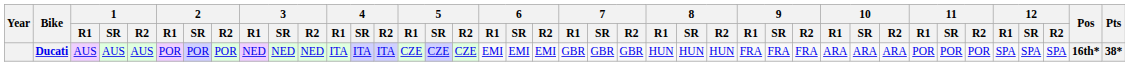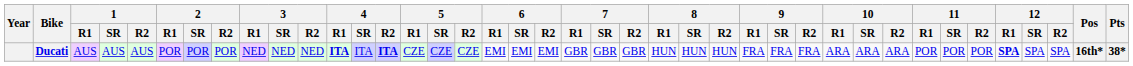 <table class="wikitable" style="text-align:center; font-size:90%;">
 <tr>
 <th rowspan="2">Year</th>
 <th rowspan="2">Bike</th>
 <th colspan="3">1</th>
 <th colspan="3">2</th>
 <th colspan="3">3</th>
 <th colspan="3">4</th>
 <th colspan="3">5</th>
 <th colspan="3">6</th>
 <th colspan="3">7</th>
 <th colspan="3">8</th>
 <th colspan="3">9</th>
 <th colspan="3">10</th>
 <th colspan="3">11</th>
 <th colspan="3">12</th>
 <th rowspan="2">Pos</th>
 <th rowspan="2">Pts</th>
 </tr>
 <tr>
 <th>R1</th>
 <th>SR</th>
 <th>R2</th>
 <th>R1</th>
 <th>SR</th>
 <th>R2</th>
 <th>R1</th>
 <th>SR</th>
 <th>R2</th>
 <th>R1</th>
 <th>SR</th>
 <th>R2</th>
 <th>R1</th>
 <th>SR</th>
 <th>R2</th>
 <th>R1</th>
 <th>SR</th>
 <th>R2</th>
 <th>R1</th>
 <th>SR</th>
 <th>R2</th>
 <th>R1</th>
 <th>SR</th>
 <th>R2</th>
 <th>R1</th>
 <th>SR</th>
 <th>R2</th>
 <th>R1</th>
 <th>SR</th>
 <th>R2</th>
 <th>R1</th>
 <th>SR</th>
 <th>R2</th>
 <th>R1</th>
 <th>SR</th>
 <th>R2</th>
 </tr>
 <tr>
 <th></th>
 <th><a href='#'>Ducati</a></th>
 <td style="background:#EFCFFF;"><a href='#'>AUS</a><br></td>
 <td style="background:#DFFFDF;"><a href='#'>AUS</a><br></td>
 <td style="background:#DFFFDF;"><a href='#'>AUS</a><br></td>
 <td style="background:#EFCFFF;"><a href='#'>POR</a><br></td>
 <td style="background:#CFCFFF;"><a href='#'>POR</a><br></td>
 <td style="background:#DFFFDF;"><a href='#'>POR</a><br></td>
 <td style="background:#EFCFFF;"><a href='#'>NED</a><br></td>
 <td style="background:#DFFFDF;"><a href='#'>NED</a><br></td>
 <td style="background:#DFFFDF;"><a href='#'>NED</a><br></td>
-<td style="background:#DFFFDF;"><a href='#'>ITA</a><br></td>
+<td style="background:#DFFFDF;"><strong><a href='#'>ITA</a><br></strong></td>
 <td style="background:#CFCFFF;"><a href='#'>ITA</a><br></td>
-<td style="background:#CFCFFF;"><a href='#'>ITA</a><br></td>
+<td style="background:#CFCFFF;"><strong><a href='#'>ITA</a><br></strong></td>
 <td style="background:#DFFFDF;"><a href='#'>CZE</a><br></td>
 <td style="background:#CFCFFF;"><a href='#'>CZE</a><br></td>
 <td style="background:#DFFFDF;"><a href='#'>CZE</a><br></td>
 <td style="background:#;"><a href='#'>EMI</a><br></td>
 <td style="background:#;"><a href='#'>EMI</a><br></td>
 <td style="background:#;"><a href='#'>EMI</a><br></td>
 <td style="background:#;"><a href='#'>GBR</a><br></td>
 <td style="background:#;"><a href='#'>GBR</a><br></td>
 <td style="background:#;"><a href='#'>GBR</a><br></td>
 <td style="background:#;"><a href='#'>HUN</a><br></td>
 <td style="background:#;"><a href='#'>HUN</a><br></td>
 <td style="background:#;"><a href='#'>HUN</a><br></td>
 <td style="background:#;"><a href='#'>FRA</a><br></td>
 <td style="background:#;"><a href='#'>FRA</a><br></td>
 <td style="background:#;"><a href='#'>FRA</a><br></td>
 <td style="background:#;"><a href='#'>ARA</a><br></td>
 <td style="background:#;"><a href='#'>ARA</a><br></td>
 <td style="background:#;"><a href='#'>ARA</a><br></td>
 <td style="background:#;"><a href='#'>POR</a><br></td>
 <td style="background:#;"><a href='#'>POR</a><br></td>
 <td style="background:#;"><a href='#'>POR</a><br></td>
-<td style="background:#;"><a href='#'>SPA</a><br></td>
+<td style="background:#;"><strong><a href='#'>SPA</a><br></strong></td>
 <td style="background:#;"><a href='#'>SPA</a><br></td>
 <td style="background:#;"><a href='#'>SPA</a><br></td>
 <th>16th*</th>
 <th>38*</th>
 </tr>
 </table>
